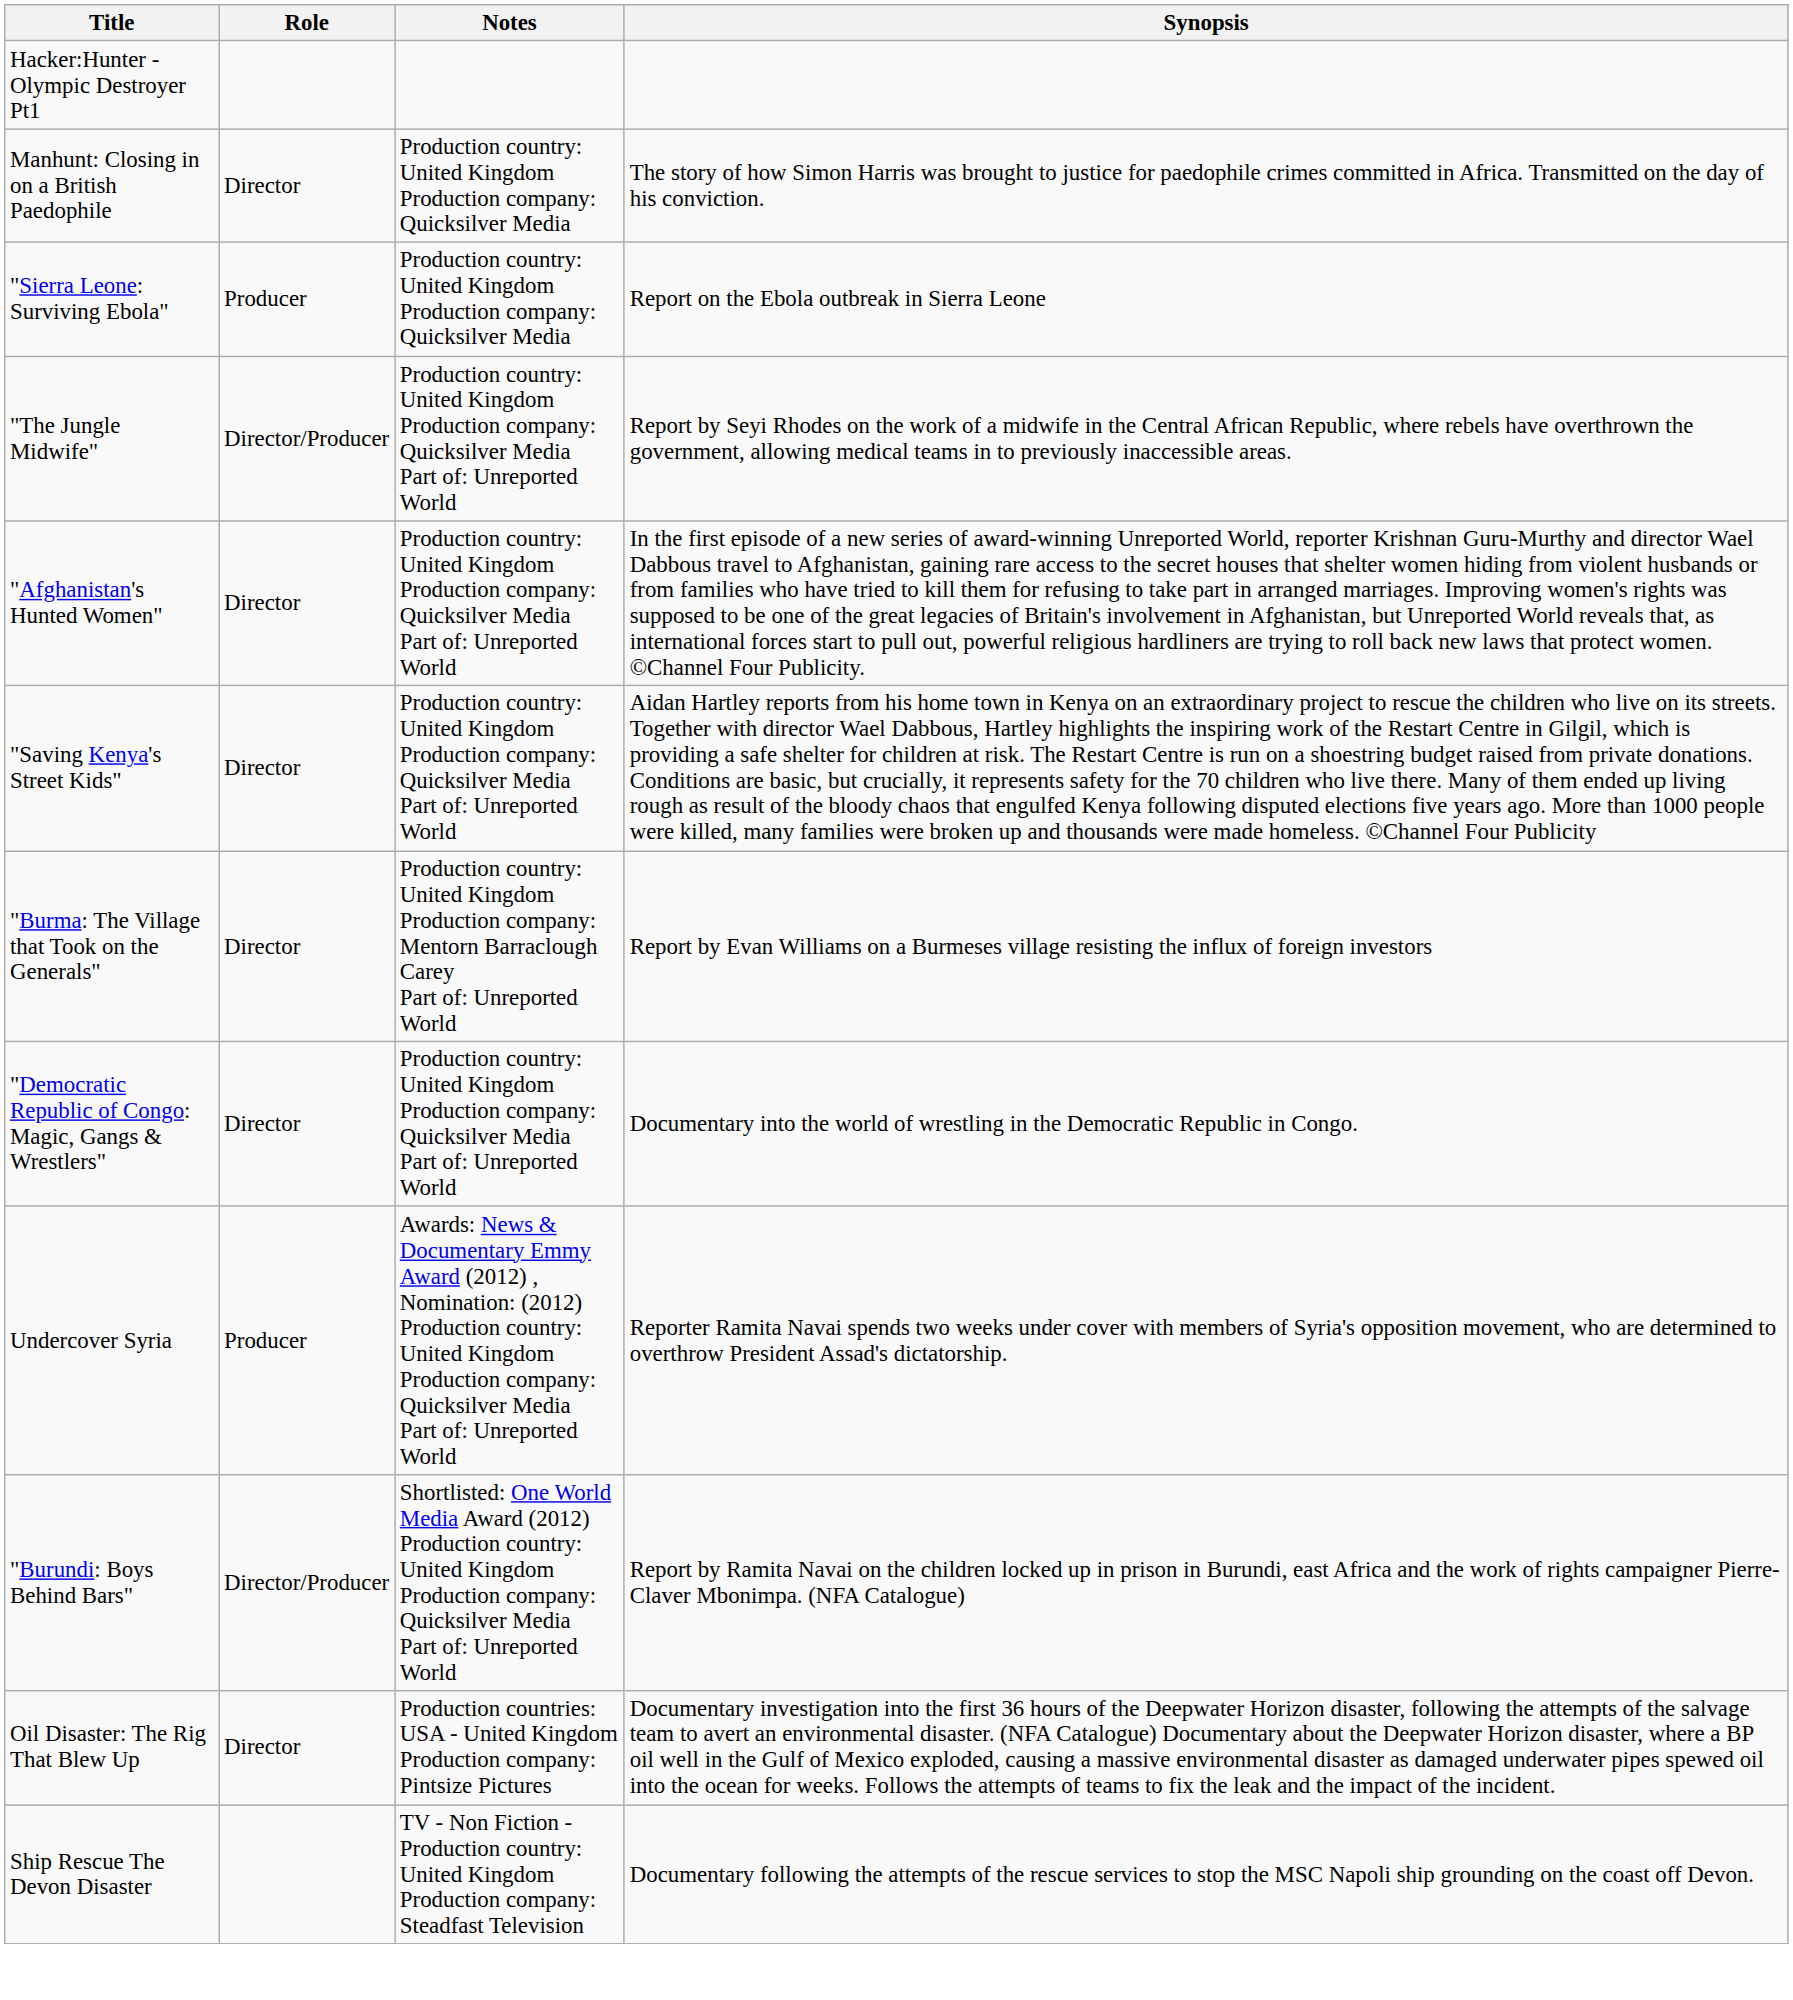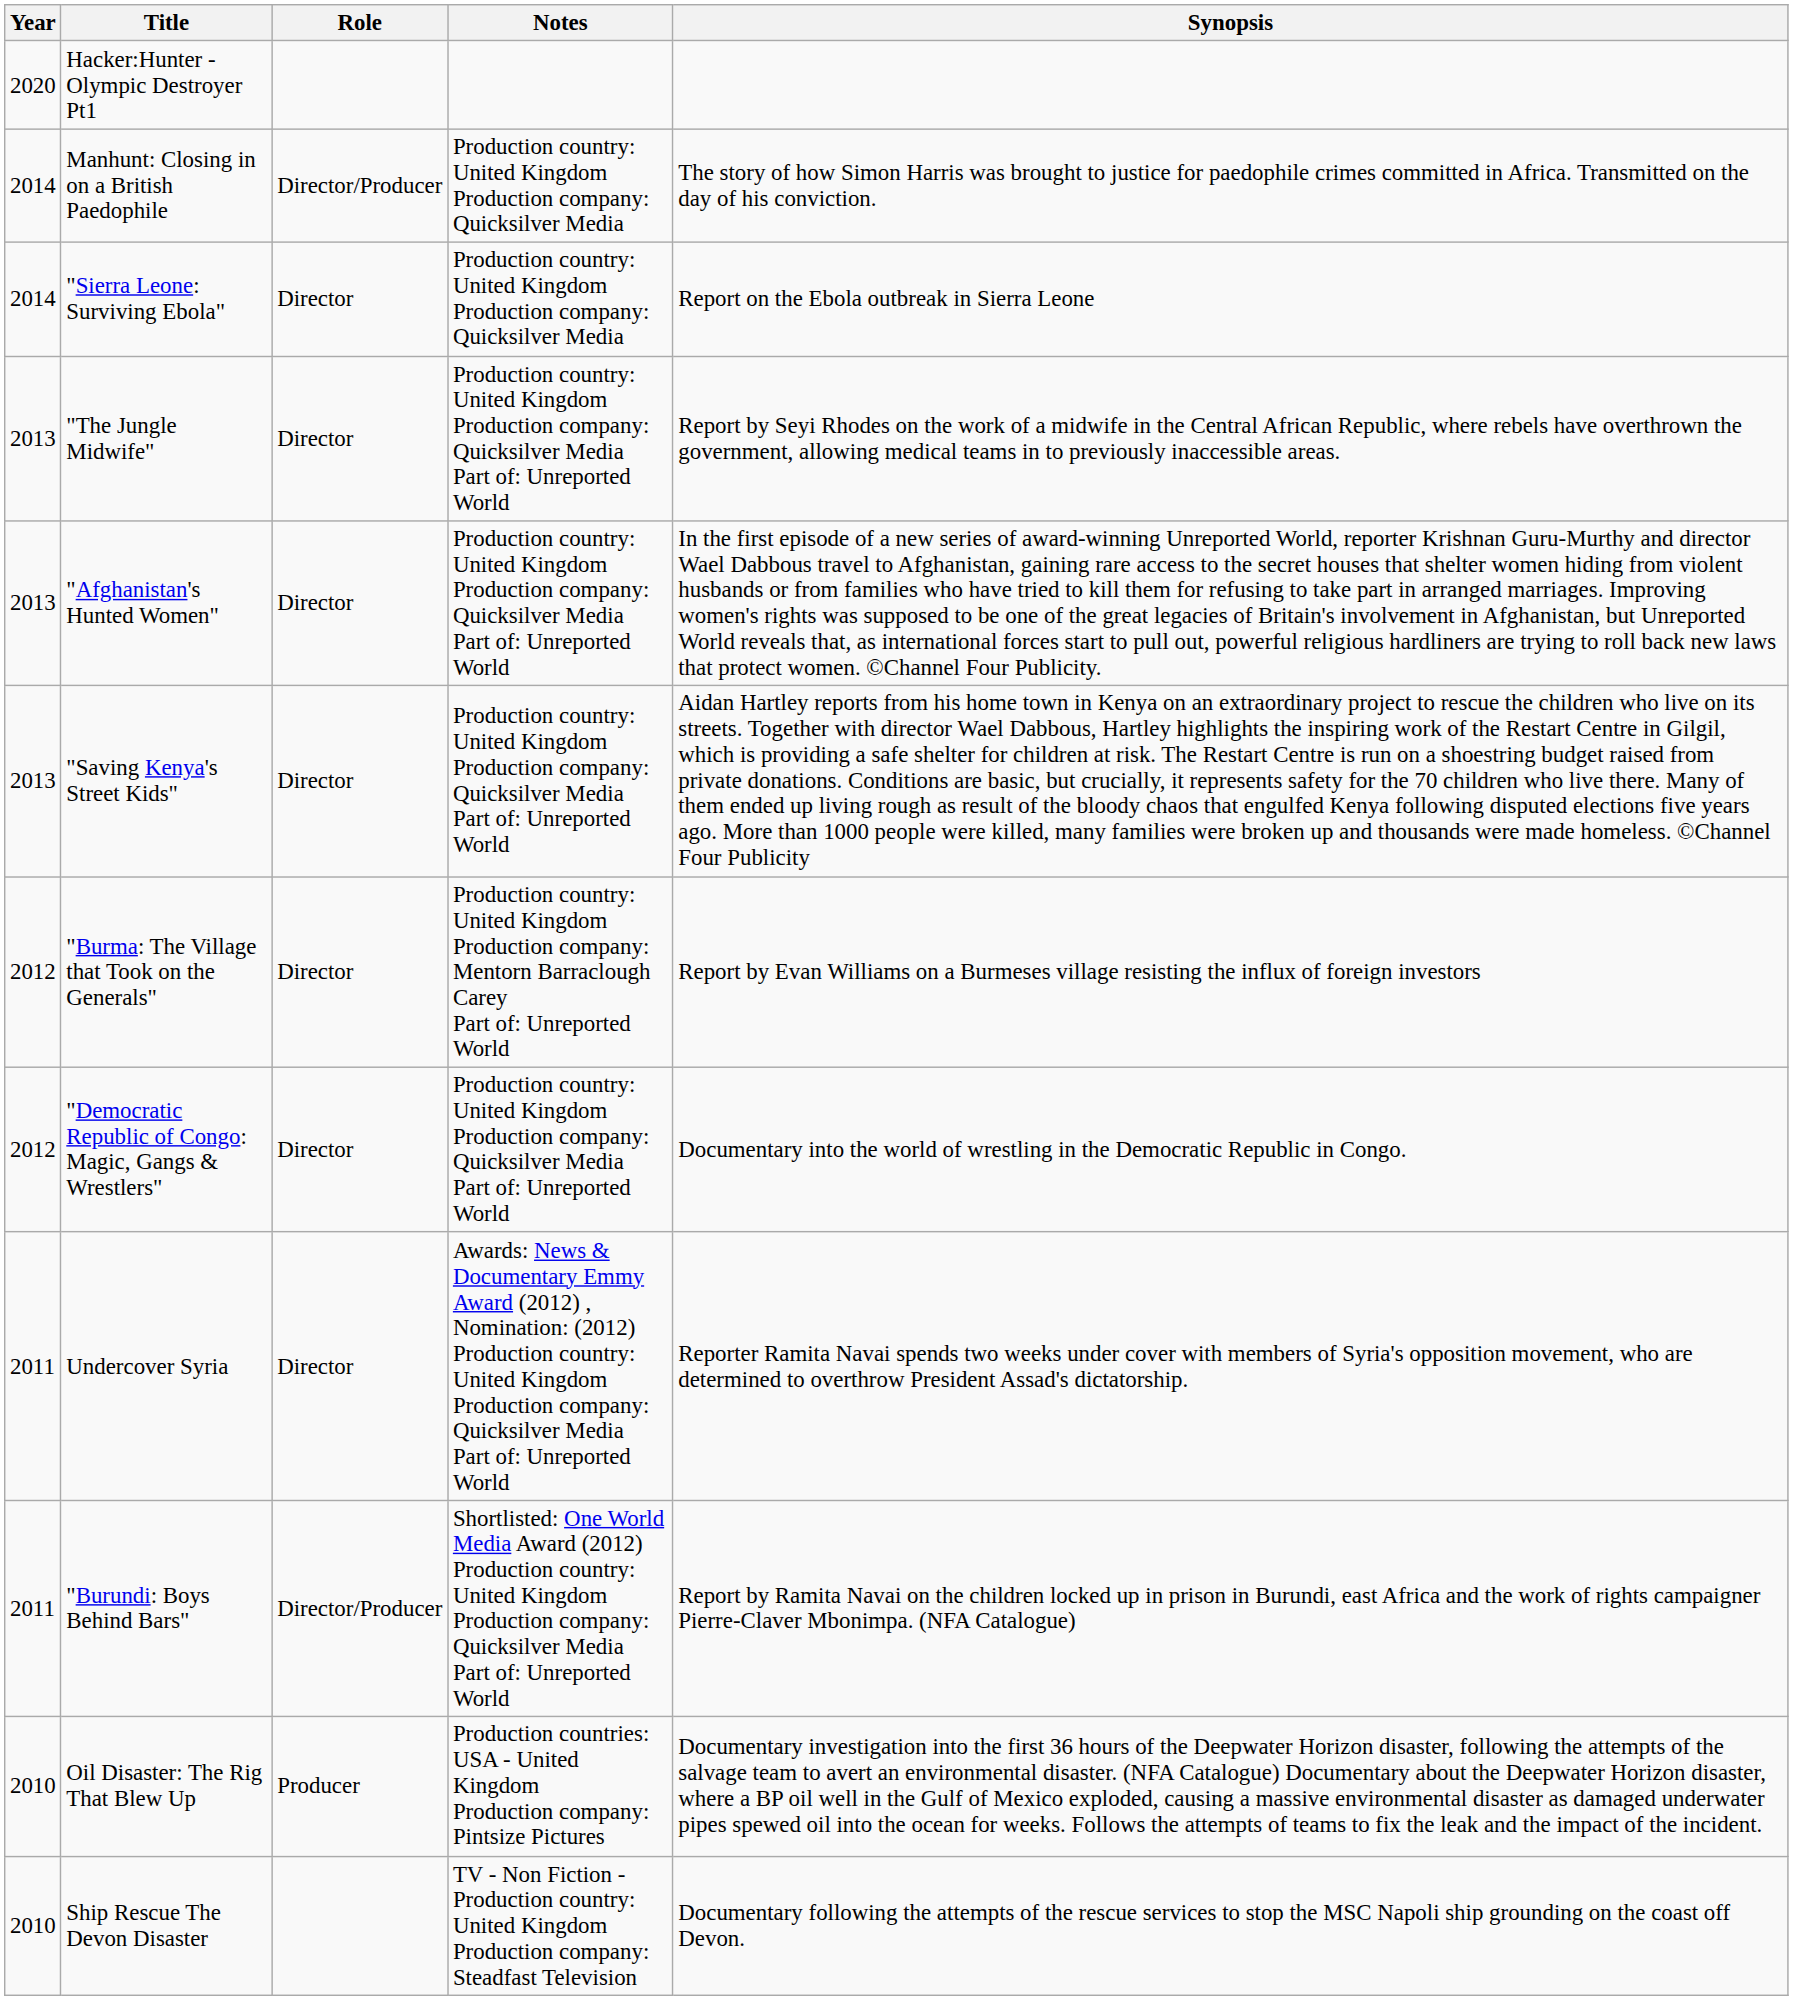 <table class="wikitable">
 <tr>
+<th>Year</th>
 <th>Title</th>
 <th>Role</th>
 <th>Notes</th>
 <th>Synopsis</th>
 </tr>
 <tr>
+<td>2020</td>
 <td>Hacker:Hunter - Olympic Destroyer Pt1</td>
 <td></td>
 <td></td>
 <td></td>
 </tr>
 <tr>
+<td>2014</td>
 <td>Manhunt: Closing in on a British Paedophile</td>
-<td>Director</td>
+<td>Director/Producer</td>
 <td>Production country: United Kingdom<br>Production company: Quicksilver Media</td>
 <td>The story of how Simon Harris was brought to justice for paedophile crimes committed in Africa. Transmitted on the day of his conviction.</td>
 </tr>
 <tr>
+<td>2014</td>
 <td>"<a href='#'>Sierra Leone</a>: Surviving Ebola"</td>
-<td>Producer</td>
+<td>Director</td>
 <td>Production country: United Kingdom<br>Production company: Quicksilver Media</td>
 <td>Report on the Ebola outbreak in Sierra Leone</td>
 </tr>
 <tr>
+<td>2013</td>
 <td>"The Jungle Midwife"</td>
-<td>Director/Producer</td>
+<td>Director</td>
 <td>Production country: United Kingdom<br>Production company: Quicksilver Media<br>Part of: Unreported World</td>
 <td>Report by Seyi Rhodes on the work of a midwife in the Central African Republic, where rebels have overthrown the government, allowing medical teams in to previously inaccessible areas.</td>
 </tr>
 <tr>
+<td>2013</td>
 <td>"<a href='#'>Afghanistan</a>'s Hunted Women"</td>
 <td>Director</td>
 <td>Production country: United Kingdom<br>Production company: Quicksilver Media<br>Part of: Unreported World</td>
 <td>In the first episode of a new series of award-winning Unreported World, reporter Krishnan Guru-Murthy and director Wael Dabbous travel to Afghanistan, gaining rare access to the secret houses that shelter women hiding from violent husbands or from families who have tried to kill them for refusing to take part in arranged marriages. Improving women's rights was supposed to be one of the great legacies of Britain's involvement in Afghanistan, but Unreported World reveals that, as international forces start to pull out, powerful religious hardliners are trying to roll back new laws that protect women. ©Channel Four Publicity.</td>
 </tr>
 <tr>
+<td>2013</td>
 <td>"Saving <a href='#'>Kenya</a>'s Street Kids"</td>
 <td>Director</td>
 <td>Production country: United Kingdom<br>Production company: Quicksilver Media<br>Part of: Unreported World</td>
 <td>Aidan Hartley reports from his home town in Kenya on an extraordinary project to rescue the children who live on its streets. Together with director Wael Dabbous, Hartley highlights the inspiring work of the Restart Centre in Gilgil, which is providing a safe shelter for children at risk. The Restart Centre is run on a shoestring budget raised from private donations. Conditions are basic, but crucially, it represents safety for the 70 children who live there. Many of them ended up living rough as result of the bloody chaos that engulfed Kenya following disputed elections five years ago. More than 1000 people were killed, many families were broken up and thousands were made homeless. ©Channel Four Publicity</td>
 </tr>
 <tr>
+<td>2012</td>
 <td>"<a href='#'>Burma</a>: The Village that Took on the Generals"</td>
 <td>Director</td>
 <td>Production country: United Kingdom<br>Production company: Mentorn Barraclough Carey<br>Part of: Unreported World</td>
 <td>Report by Evan Williams on a Burmeses village resisting the influx of foreign investors</td>
 </tr>
 <tr>
+<td rowspan="1">2012</td>
 <td rowspan="1">"<a href='#'>Democratic Republic of Congo</a>: Magic, Gangs & Wrestlers"</td>
 <td>Director</td>
 <td>Production country: United Kingdom<br>Production company: Quicksilver Media<br>Part of: Unreported World</td>
 <td>Documentary into the world of wrestling in the Democratic Republic in Congo.</td>
 </tr>
 <tr>
+<td>2011</td>
 <td>Undercover Syria</td>
-<td>Producer</td>
+<td>Director</td>
 <td>Awards: <a href='#'>News & Documentary Emmy Award</a> (2012) , Nomination:  (2012)<br>Production country: United Kingdom Production company: Quicksilver Media<br>Part of: Unreported World</td>
 <td>Reporter Ramita Navai spends two weeks under cover with members of Syria's opposition movement, who are determined to overthrow President Assad's dictatorship.</td>
 </tr>
 <tr>
+<td>2011</td>
 <td>"<a href='#'>Burundi</a>: Boys Behind Bars"</td>
 <td>Director/Producer</td>
 <td>Shortlisted: <a href='#'>One World Media</a> Award (2012)<br>Production country: United Kingdom<br>Production company: Quicksilver Media<br>Part of: Unreported World</td>
 <td>Report by Ramita Navai on the children locked up in prison in Burundi, east Africa and the work of rights campaigner Pierre-Claver Mbonimpa. (NFA Catalogue)</td>
 </tr>
 <tr>
+<td>2010</td>
 <td>Oil Disaster: The Rig That Blew Up</td>
-<td>Director</td>
+<td>Producer</td>
 <td>Production countries: USA - United Kingdom<br>Production company: Pintsize Pictures</td>
 <td>Documentary investigation into the first 36 hours of the Deepwater Horizon disaster, following the attempts of the salvage team to avert an environmental disaster. (NFA Catalogue) Documentary about the Deepwater Horizon disaster, where a BP oil well in the Gulf of Mexico exploded, causing a massive environmental disaster as damaged underwater pipes spewed oil into the ocean for weeks. Follows the attempts of teams to fix the leak and the impact of the incident.</td>
 </tr>
 <tr>
+<td>2010</td>
 <td>Ship Rescue The Devon Disaster</td>
 <td></td>
 <td>TV - Non Fiction - Production country: United Kingdom<br>Production company: Steadfast Television</td>
 <td>Documentary following the attempts of the rescue services to stop the MSC Napoli ship grounding on the coast off Devon.</td>
 </tr>
 </table>
